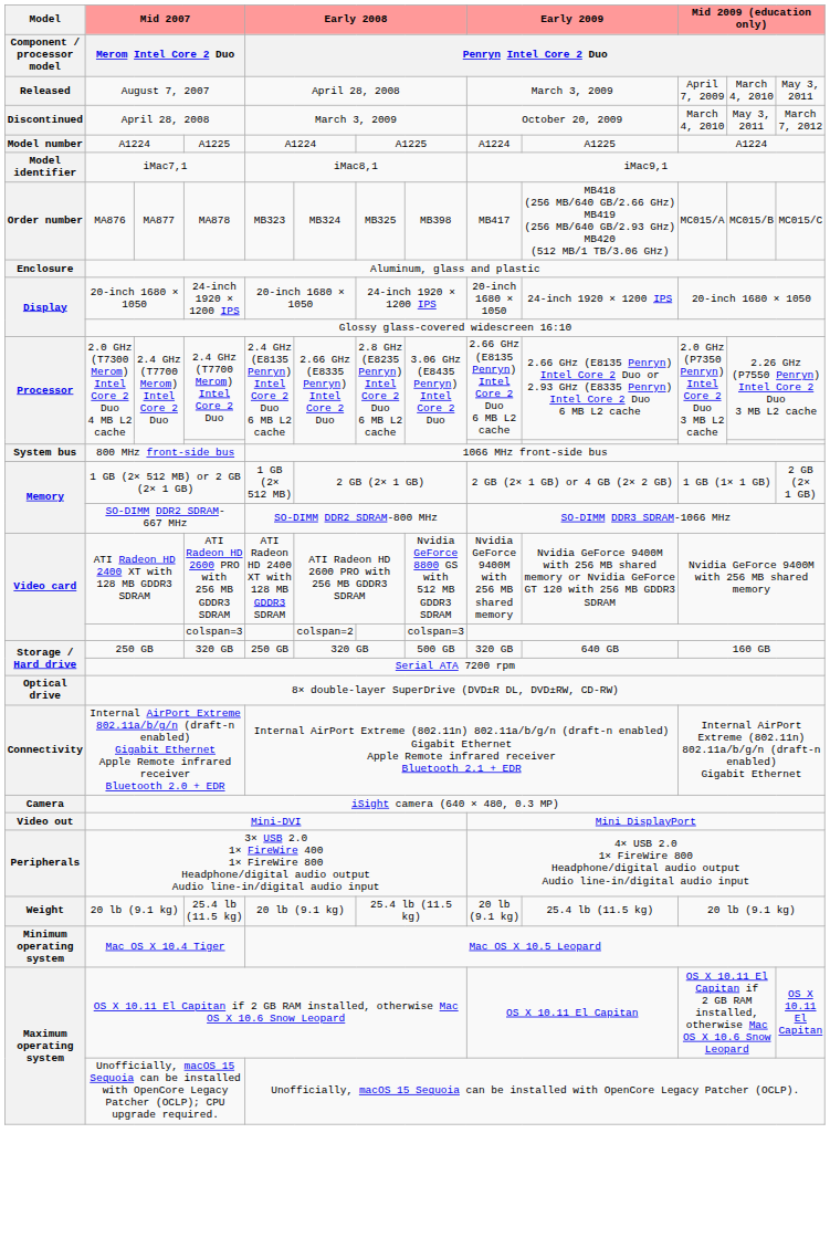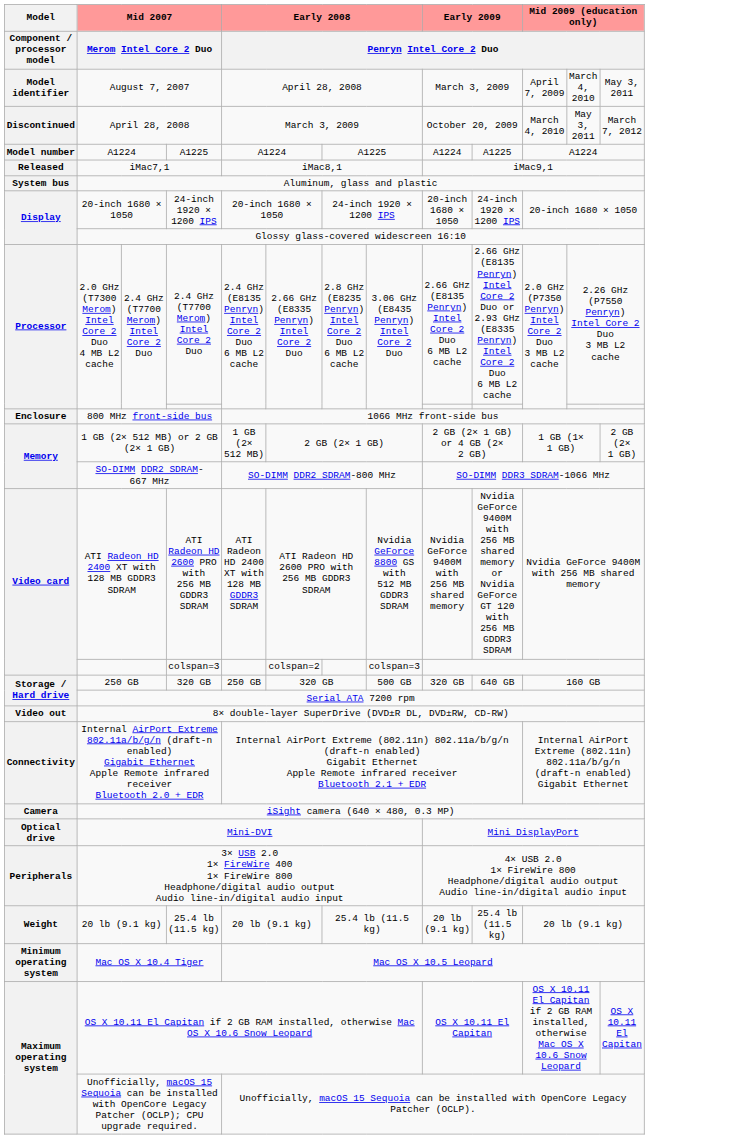 <table class="wikitable mw-collapsible" style="font-size:small; text-align:center">
 <tr>
 <th>Model</th>
 <th colspan=3 style="background:#F99">Mid 2007</th>
 <th colspan=4 style="background:#F99">Early 2008</th>
 <th colspan=2 style="background:#F99">Early 2009</th>
 <th colspan=3 style="background:#F99">Mid 2009 (education only)</th>
 </tr>
 <tr>
 <th>Component / processor model</th>
 <th colspan=3><a href='#'>Merom</a> <a href='#'>Intel Core 2</a> Duo</th>
 <th colspan=9><a href='#'>Penryn</a> <a href='#'>Intel Core 2</a> Duo</th>
 </tr>
 <tr>
-<th>Released</th>
+<th>Model identifier</th>
 <td colspan=3>August 7, 2007</td>
 <td colspan=4>April 28, 2008</td>
 <td colspan=2>March 3, 2009</td>
 <td>April 7, 2009</td>
 <td>March 4, 2010</td>
 <td>May 3, 2011 </td>
 </tr>
 <tr>
 <th>Discontinued</th>
 <td colspan=3>April 28, 2008</td>
 <td colspan=4>March 3, 2009</td>
 <td colspan=2>October 20, 2009</td>
 <td>March 4, 2010</td>
 <td>May 3, 2011</td>
 <td>March 7, 2012</td>
 </tr>
 <tr>
 <th>Model number</th>
 <td colspan=2>A1224</td>
 <td>A1225</td>
 <td colspan=2>A1224</td>
 <td colspan=2>A1225</td>
 <td>A1224</td>
 <td>A1225</td>
 <td colspan=3>A1224</td>
 </tr>
 <tr>
-<th>Model identifier</th>
+<th>Released</th>
 <td colspan=3>iMac7,1</td>
 <td colspan=4>iMac8,1</td>
 <td colspan=5>iMac9,1</td>
 </tr>
 <tr>
-<th>Order number</th>
-<td>MA876</td>
-<td>MA877</td>
-<td>MA878</td>
-<td>MB323</td>
-<td>MB324</td>
-<td>MB325</td>
-<td>MB398</td>
-<td>MB417</td>
-<td>MB418 (256 MB/640 GB/2.66 GHz)<br>MB419 (256 MB/640 GB/2.93 GHz)<br>MB420 (512 MB/1 TB/3.06 GHz)</td>
-<td>MC015/A</td>
-<td>MC015/B</td>
-<td>MC015/C</td>
-</tr>
-<tr>
-<th>Enclosure</th>
+<th>System bus</th>
 <td colspan=12>Aluminum, glass and plastic</td>
 </tr>
 <tr>
 <th rowspan=2><a href='#'>Display</a></th>
 <td colspan=2>20-inch 1680 × 1050</td>
 <td>24-inch 1920 × 1200 <a href='#'>IPS</a></td>
 <td colspan=2>20-inch 1680 × 1050</td>
 <td colspan=2>24-inch 1920 × 1200 <a href='#'>IPS</a></td>
 <td>20-inch 1680 × 1050</td>
 <td>24-inch 1920 × 1200 <a href='#'>IPS</a></td>
 <td colspan=3>20-inch 1680 × 1050</td>
 </tr>
 <tr>
 <td colspan=12>Glossy glass-covered widescreen 16:10</td>
 </tr>
 <tr>
 <th rowspan=2><a href='#'>Processor</a></th>
 <td rowspan=2>2.0 GHz (T7300 <a href='#'>Merom</a>) <a href='#'>Intel Core 2</a> Duo<br>4 MB L2 cache</td>
 <td rowspan=2>2.4 GHz (T7700 <a href='#'>Merom</a>) <a href='#'>Intel Core 2</a> Duo</td>
 <td>2.4 GHz (T7700 <a href='#'>Merom</a>) <a href='#'>Intel Core 2</a> Duo</td>
 <td rowspan=2>2.4 GHz (E8135 <a href='#'>Penryn</a>) <a href='#'>Intel Core 2</a> Duo<br>6 MB L2 cache</td>
 <td rowspan=2>2.66 GHz (E8335 <a href='#'>Penryn</a>) <a href='#'>Intel Core 2</a> Duo</td>
 <td rowspan=2>2.8 GHz (E8235 <a href='#'>Penryn</a>) <a href='#'>Intel Core 2</a> Duo<br>6 MB L2 cache</td>
 <td rowspan=2>3.06 GHz (E8435 <a href='#'>Penryn</a>) <a href='#'>Intel Core 2</a> Duo</td>
 <td>2.66 GHz (E8135 <a href='#'>Penryn</a>) <a href='#'>Intel Core 2</a> Duo<br>6 MB L2 cache</td>
 <td>2.66 GHz (E8135 <a href='#'>Penryn</a>) <a href='#'>Intel Core 2</a> Duo or 2.93 GHz (E8335 <a href='#'>Penryn</a>) <a href='#'>Intel Core 2</a> Duo<br>6 MB L2 cache</td>
 <td rowspan=2>2.0 GHz (P7350 <a href='#'>Penryn</a>) <a href='#'>Intel Core 2</a> Duo<br>3 MB L2 cache</td>
 <td colspan=2>2.26 GHz (P7550 <a href='#'>Penryn</a>) <a href='#'>Intel Core 2</a> Duo<br>3 MB L2 cache</td>
 </tr>
 <tr>
 <td></td>
 <td></td>
 <td></td>
 <td colspan=2></td>
 </tr>
 <tr>
-<th>System bus</th>
+<th>Enclosure</th>
 <td colspan=3>800 MHz <a href='#'>front-side bus</a></td>
 <td colspan=9>1066 MHz front-side bus</td>
 </tr>
 <tr>
 <th rowspan=2><a href='#'>Memory</a></th>
 <td colspan=3>1 GB (2× 512 MB) or 2 GB (2× 1 GB)<br></td>
 <td>1 GB (2× 512 MB) <br></td>
 <td colspan=3>2 GB (2× 1 GB)<br></td>
 <td colspan=2>2 GB (2× 1 GB) or 4 GB (2× 2 GB)<br></td>
 <td colspan=2>1 GB (1× 1 GB)<br></td>
 <td>2 GB (2× 1 GB)<br></td>
 </tr>
 <tr>
 <td colspan=3><a href='#'>SO-DIMM</a> <a href='#'>DDR2 SDRAM</a>-667 MHz</td>
 <td colspan=4><a href='#'>SO-DIMM</a> <a href='#'>DDR2 SDRAM</a>-800 MHz</td>
 <td colspan=5><a href='#'>SO-DIMM</a> <a href='#'>DDR3 SDRAM</a>-1066 MHz</td>
 </tr>
 <tr>
 <th rowspan=2><a href='#'>Video card</a></th>
 <td colspan=2>ATI <a href='#'>Radeon HD 2400</a> XT with 128 MB GDDR3 SDRAM</td>
 <td>ATI <a href='#'>Radeon HD 2600</a> PRO with 256 MB GDDR3 SDRAM</td>
 <td>ATI Radeon HD 2400 XT with 128 MB <a href='#'>GDDR3</a> SDRAM</td>
 <td colspan=2>ATI Radeon HD 2600 PRO with 256 MB GDDR3 SDRAM</td>
 <td>Nvidia <a href='#'>GeForce 8800</a> GS with 512 MB GDDR3 SDRAM</td>
 <td>Nvidia GeForce 9400M with 256 MB shared memory</td>
 <td>Nvidia GeForce 9400M with 256 MB shared memory or Nvidia GeForce GT 120 with 256 MB GDDR3 SDRAM</td>
 <td colspan=3>Nvidia GeForce 9400M with 256 MB shared memory</td>
 </tr>
 <tr>
 <td colspan=2></td>
 <td>colspan=3 </td>
 <td></td>
 <td>colspan=2 </td>
 <td></td>
 <td>colspan=3 </td>
 </tr>
 <tr>
 <th rowspan=2>Storage / <a href='#'>Hard drive</a></th>
 <td colspan=2>250 GB<br></td>
 <td>320 GB<br></td>
 <td>250 GB<br></td>
 <td colspan=2>320 GB<br></td>
 <td>500 GB<br></td>
 <td>320 GB<br></td>
 <td>640 GB<br></td>
 <td colspan=3>160 GB<br></td>
 </tr>
 <tr>
 <td colspan=12><a href='#'>Serial ATA</a> 7200 rpm</td>
 </tr>
 <tr>
-<th>Optical drive</th>
+<th>Video out</th>
 <td colspan=12>8× double-layer SuperDrive (DVD±R DL, DVD±RW, CD-RW)</td>
 </tr>
 <tr>
 <th>Connectivity</th>
 <td colspan=3>Internal <a href='#'>AirPort Extreme</a> <a href='#'>802.11a/b/g/n</a> (draft-n enabled)<br><a href='#'>Gigabit Ethernet</a><br>Apple Remote infrared receiver<br><a href='#'>Bluetooth 2.0 + EDR</a></td>
 <td colspan=6>Internal AirPort Extreme (802.11n) 802.11a/b/g/n (draft-n enabled)<br>Gigabit Ethernet<br>Apple Remote infrared receiver<br><a href='#'>Bluetooth 2.1 + EDR</a></td>
 <td colspan=3>Internal AirPort Extreme (802.11n) 802.11a/b/g/n (draft-n enabled)<br>Gigabit Ethernet</td>
 </tr>
 <tr>
 <th>Camera</th>
 <td colspan=12><a href='#'>iSight</a> camera (640 × 480, 0.3 MP)</td>
 </tr>
 <tr>
-<th>Video out</th>
+<th>Optical drive</th>
 <td colspan=7><a href='#'>Mini-DVI</a></td>
 <td colspan=5><a href='#'>Mini DisplayPort</a></td>
 </tr>
 <tr>
 <th>Peripherals</th>
 <td colspan=7>3× <a href='#'>USB</a> 2.0<br>1× <a href='#'>FireWire</a> 400<br>1× FireWire 800<br>Headphone/digital audio output<br>Audio line-in/digital audio input</td>
 <td colspan=5>4× USB 2.0<br>1× FireWire 800<br>Headphone/digital audio output<br>Audio line-in/digital audio input</td>
 </tr>
 <tr>
 <th>Weight</th>
 <td colspan="2">20 lb (9.1 kg)</td>
 <td>25.4 lb (11.5 kg)</td>
 <td colspan="2">20 lb (9.1 kg)</td>
 <td colspan="2">25.4 lb (11.5 kg)</td>
 <td>20 lb (9.1 kg)</td>
 <td>25.4 lb (11.5 kg)</td>
 <td colspan="3">20 lb (9.1 kg)</td>
 </tr>
 <tr>
 <th>Minimum operating system</th>
 <td colspan=3><a href='#'>Mac OS X 10.4 Tiger</a></td>
 <td colspan=9><a href='#'>Mac OS X 10.5 Leopard</a></td>
 </tr>
 <tr>
 <th rowspan=2>Maximum operating system</th>
 <td colspan=7><a href='#'>OS X 10.11 El Capitan</a> if 2 GB RAM installed, otherwise <a href='#'>Mac OS X 10.6 Snow Leopard</a></td>
 <td colspan=2><a href='#'>OS X 10.11 El Capitan</a></td>
 <td colspan=2><a href='#'>OS X 10.11 El Capitan</a> if 2 GB RAM installed, otherwise <a href='#'>Mac OS X 10.6 Snow Leopard</a></td>
 <td><a href='#'>OS X 10.11 El Capitan</a></td>
 </tr>
 <tr>
 <td colspan="3">Unofficially, <a href='#'>macOS 15 Sequoia</a> can be installed with OpenCore Legacy Patcher (OCLP); CPU upgrade required.</td>
 <td colspan="9">Unofficially, <a href='#'>macOS 15 Sequoia</a> can be installed with OpenCore Legacy Patcher (OCLP).</td>
 </tr>
 </table>
